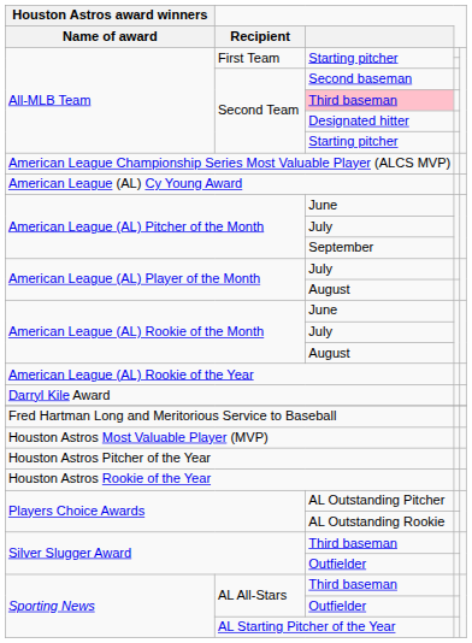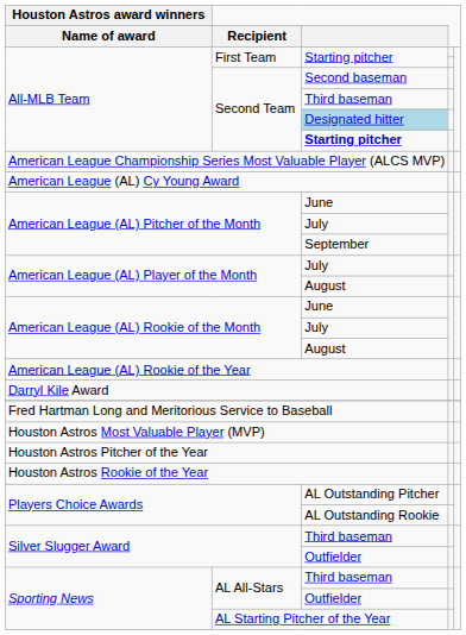 <table class="wikitable sortable sticky-header" margin: 5px; text-align: center;>
 <tr>
 <th><strong>Houston Astros award winners</strong></th>
 </tr>
 <tr>
 <th>Name of award</th>
 <th>Recipient</th>
 <th></th>
 </tr>
 <tr>
 <td rowspan="6"><a href='#'>All-MLB Team</a></td>
 <td rowspan="2">First Team</td>
 <td rowspan="2"><a href='#'>Starting pitcher</a></td>
 <td align="center"></td>
 <td rowspan="6" align="center"></td>
 </tr>
 <tr>
 <td align="center"></td>
 </tr>
 <tr>
 <td rowspan="4">Second Team</td>
 <td><a href='#'>Second baseman</a></td>
 <td align="center"></td>
 </tr>
 <tr>
-<td style="background: pink;"><a href='#'>Third baseman</a></td>
+<td><a href='#'>Third baseman</a></td>
 <td align="center"></td>
 </tr>
 <tr>
-<td><a href='#'>Designated hitter</a></td>
+<td style="background: lightblue;"><a href='#'>Designated hitter</a></td>
 <td align="center"></td>
 </tr>
 <tr>
-<td><a href='#'>Starting pitcher</a></td>
+<td><strong><a href='#'>Starting pitcher</a></strong></td>
 <td align="center"></td>
 </tr>
 <tr>
 <td colspan="3"><a href='#'>American League Championship Series Most Valuable Player</a> (ALCS MVP)</td>
 <td align="center"></td>
 <td align="center"></td>
 </tr>
 <tr>
 <td colspan="3"><a href='#'>American League</a> (AL) <a href='#'>Cy Young Award</a></td>
 <td align="center"></td>
 <td align="center"></td>
 </tr>
 <tr>
 <td rowspan="3"; colspan="2"><a href='#'>American League (AL) Pitcher of the Month</a></td>
 <td>June</td>
 <td rowspan="3"; align="center"></td>
 <td rowspan="3"; align="center"></td>
 </tr>
 <tr>
 <td>July</td>
 </tr>
 <tr>
 <td>September</td>
 </tr>
 <tr>
 <td rowspan="2"; colspan="2"><a href='#'>American League (AL) Player of the Month</a></td>
 <td>July</td>
 <td align="center"></td>
 <td rowspan="2"; align="center"></td>
 </tr>
 <tr>
 <td>August</td>
 <td align="center"></td>
 </tr>
 <tr>
 <td rowspan="3"; colspan="2"><a href='#'>American League (AL) Rookie of the Month</a></td>
 <td>June</td>
 <td rowspan="3"; align="center"></td>
 <td rowspan="3"; align="center"></td>
 </tr>
 <tr>
 <td>July</td>
 </tr>
 <tr>
 <td>August</td>
 </tr>
 <tr>
 <td colspan="3"><a href='#'>American League (AL) Rookie of the Year</a></td>
 <td align="center"></td>
 <td align="center"></td>
 </tr>
 <tr>
 <td colspan="3"><a href='#'>Darryl Kile</a> Award</td>
 <td align="center"></td>
 <td align="center"></td>
 </tr>
 <tr>
 </tr>
 <tr>
 <td colspan="3">Fred Hartman Long and Meritorious Service to Baseball</td>
 <td align="center"></td>
 <td align="center"></td>
 </tr>
 <tr>
 <td colspan="3">Houston Astros <a href='#'>Most Valuable Player</a> (MVP)</td>
 <td align="center"></td>
 <td align="center"></td>
 </tr>
 <tr>
 <td colspan="3">Houston Astros Pitcher of the Year</td>
 <td align="center"></td>
 <td align="center"></td>
 </tr>
 <tr>
 <td colspan="3">Houston Astros <a href='#'>Rookie of the Year</a></td>
 <td align="center"></td>
 <td align="center"></td>
 </tr>
 <tr>
 <td rowspan="2"; colspan="2"><a href='#'>Players Choice Awards</a></td>
 <td>AL Outstanding Pitcher</td>
 <td align="center"></td>
 <td rowspan="2"; align="center"></td>
 </tr>
 <tr>
 <td>AL Outstanding Rookie</td>
 <td align="center"></td>
 </tr>
 <tr>
 <td rowspan="2"; colspan="2"><a href='#'>Silver Slugger Award</a></td>
 <td><a href='#'>Third baseman</a></td>
 <td align="center"></td>
 <td rowspan="2"; align="center"></td>
 </tr>
 <tr>
 <td><a href='#'>Outfielder</a></td>
 <td align="center"></td>
 </tr>
 <tr>
 <td rowspan="3"><em><a href='#'>Sporting News</a></em></td>
 <td rowspan="2">AL All-Stars</td>
 <td><a href='#'>Third baseman</a></td>
 <td align="center"></td>
 <td align="center" rowspan="3"></td>
 </tr>
 <tr>
 <td><a href='#'>Outfielder</a></td>
 <td align="center"></td>
 </tr>
 <tr>
 <td colspan="2"><a href='#'>AL Starting Pitcher of the Year</a></td>
 <td align="center"></td>
 </tr>
 </table>
